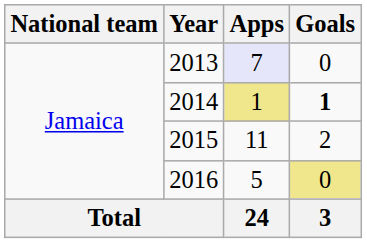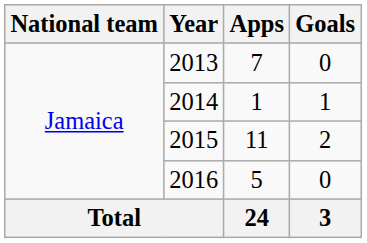 <table class="wikitable" style="font-size:100%; text-align: center">
 <tr>
 <th>National team</th>
 <th>Year</th>
 <th>Apps</th>
 <th>Goals</th>
 </tr>
 <tr>
 <td rowspan="4"><a href='#'>Jamaica</a></td>
 <td>2013</td>
-<td style="background: lavender;">7</td>
+<td>7</td>
 <td>0</td>
 </tr>
 <tr>
 <td>2014</td>
-<td style="background: khaki;">1</td>
-<td><strong>1</strong></td>
+<td>1</td>
+<td>1</td>
 </tr>
 <tr>
 <td>2015</td>
 <td>11</td>
 <td>2</td>
 </tr>
 <tr>
 <td>2016</td>
 <td>5</td>
-<td style="background: khaki;">0</td>
+<td>0</td>
 </tr>
 <tr>
 <th colspan=2>Total</th>
 <th>24</th>
 <th>3</th>
 </tr>
 </table>
